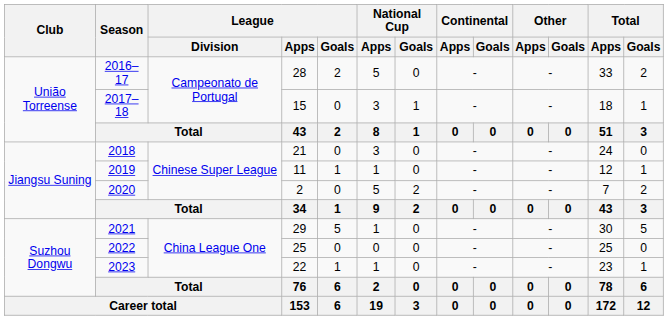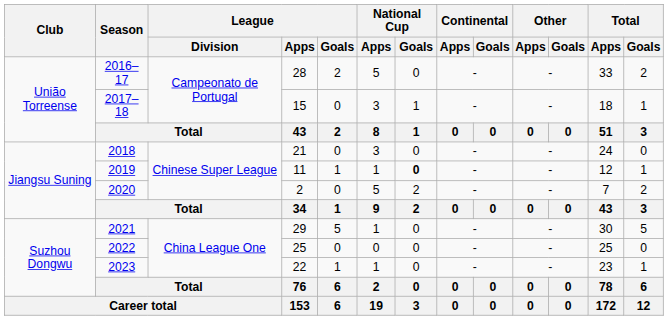 <table class="wikitable" style="text-align: center">
 <tr>
 <th rowspan="2">Club</th>
 <th rowspan="2">Season</th>
 <th colspan="3">League</th>
 <th colspan="2">National Cup</th>
 <th colspan="2">Continental</th>
 <th colspan="2">Other</th>
 <th colspan="2">Total</th>
 </tr>
 <tr>
 <th>Division</th>
 <th>Apps</th>
 <th>Goals</th>
 <th>Apps</th>
 <th>Goals</th>
 <th>Apps</th>
 <th>Goals</th>
 <th>Apps</th>
 <th>Goals</th>
 <th>Apps</th>
 <th>Goals</th>
 </tr>
 <tr>
 <td rowspan="3"><a href='#'>União Torreense</a></td>
 <td><a href='#'>2016–17</a></td>
 <td rowspan="2"><a href='#'>Campeonato de Portugal</a></td>
 <td>28</td>
 <td>2</td>
 <td>5</td>
 <td>0</td>
 <td colspan="2">-</td>
 <td colspan="2">-</td>
 <td>33</td>
 <td>2</td>
 </tr>
 <tr>
 <td><a href='#'>2017–18</a></td>
 <td>15</td>
 <td>0</td>
 <td>3</td>
 <td>1</td>
 <td colspan="2">-</td>
 <td colspan="2">-</td>
 <td>18</td>
 <td>1</td>
 </tr>
 <tr>
 <th colspan="2"><strong>Total</strong></th>
 <th>43</th>
 <th>2</th>
 <th>8</th>
 <th>1</th>
 <th>0</th>
 <th>0</th>
 <th>0</th>
 <th>0</th>
 <th>51</th>
 <th>3</th>
 </tr>
 <tr>
 <td rowspan=4><a href='#'>Jiangsu Suning</a></td>
 <td><a href='#'>2018</a></td>
 <td rowspan=3><a href='#'>Chinese Super League</a></td>
 <td>21</td>
 <td>0</td>
 <td>3</td>
 <td>0</td>
 <td colspan="2">-</td>
 <td colspan="2">-</td>
 <td>24</td>
 <td>0</td>
 </tr>
 <tr>
 <td><a href='#'>2019</a></td>
 <td>11</td>
 <td>1</td>
 <td>1</td>
-<td>0</td>
+<td><strong>0</strong></td>
 <td colspan="2">-</td>
 <td colspan="2">-</td>
 <td>12</td>
 <td>1</td>
 </tr>
 <tr>
 <td><a href='#'>2020</a></td>
 <td>2</td>
 <td>0</td>
 <td>5</td>
 <td>2</td>
 <td colspan="2">-</td>
 <td colspan="2">-</td>
 <td>7</td>
 <td>2</td>
 </tr>
 <tr>
 <th colspan="2"><strong>Total</strong></th>
 <th>34</th>
 <th>1</th>
 <th>9</th>
 <th>2</th>
 <th>0</th>
 <th>0</th>
 <th>0</th>
 <th>0</th>
 <th>43</th>
 <th>3</th>
 </tr>
 <tr>
 <td rowspan=4><a href='#'>Suzhou Dongwu</a></td>
 <td><a href='#'>2021</a></td>
 <td rowspan=3><a href='#'>China League One</a></td>
 <td>29</td>
 <td>5</td>
 <td>1</td>
 <td>0</td>
 <td colspan="2">-</td>
 <td colspan="2">-</td>
 <td>30</td>
 <td>5</td>
 </tr>
 <tr>
 <td><a href='#'>2022</a></td>
 <td>25</td>
 <td>0</td>
 <td>0</td>
 <td>0</td>
 <td colspan="2">-</td>
 <td colspan="2">-</td>
 <td>25</td>
 <td>0</td>
 </tr>
 <tr>
 <td><a href='#'>2023</a></td>
 <td>22</td>
 <td>1</td>
 <td>1</td>
 <td>0</td>
 <td colspan="2">-</td>
 <td colspan="2">-</td>
 <td>23</td>
 <td>1</td>
 </tr>
 <tr>
 <th colspan="2"><strong>Total</strong></th>
 <th>76</th>
 <th>6</th>
 <th>2</th>
 <th>0</th>
 <th>0</th>
 <th>0</th>
 <th>0</th>
 <th>0</th>
 <th>78</th>
 <th>6</th>
 </tr>
 <tr>
 <th colspan=3>Career total</th>
 <th>153</th>
 <th>6</th>
 <th>19</th>
 <th>3</th>
 <th>0</th>
 <th>0</th>
 <th>0</th>
 <th>0</th>
 <th>172</th>
 <th>12</th>
 </tr>
 </table>
